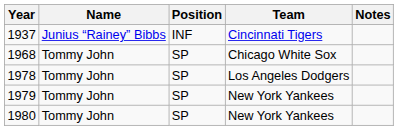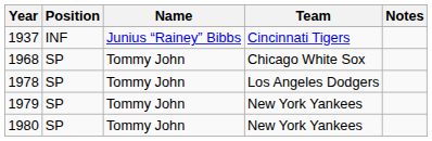 <table class="wikitable sortable" style="font-size: 95%;">
 <tr>
 <th>Year</th>
+<th>Position</th>
 <th>Name</th>
-<th>Position</th>
 <th>Team</th>
 <th>Notes</th>
 </tr>
 <tr>
 <td>1937</td>
+<td>INF</td>
 <td><a href='#'>Junius “Rainey” Bibbs</a></td>
-<td>INF</td>
 <td><a href='#'>Cincinnati Tigers</a></td>
 <td></td>
 </tr>
 <tr style="text-align:left;">
 <td>1968</td>
+<td>SP</td>
 <td>Tommy John</td>
-<td>SP</td>
 <td>Chicago White Sox</td>
 <td></td>
 </tr>
 <tr>
 <td>1978</td>
+<td>SP</td>
 <td>Tommy John</td>
-<td>SP</td>
 <td>Los Angeles Dodgers</td>
 <td></td>
 </tr>
 <tr>
 <td>1979</td>
+<td>SP</td>
 <td>Tommy John</td>
-<td>SP</td>
 <td>New York Yankees</td>
 <td></td>
 </tr>
 <tr>
 <td>1980</td>
+<td>SP</td>
 <td>Tommy John</td>
-<td>SP</td>
 <td>New York Yankees</td>
 <td></td>
 </tr>
 </table>
